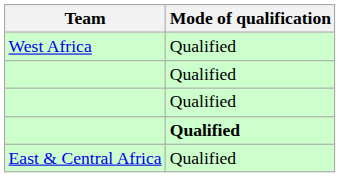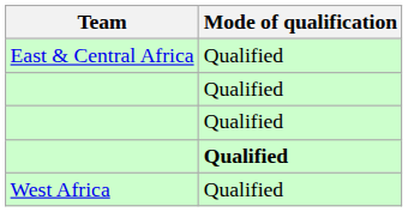 <table class="wikitable">
 <tr>
 <th>Team</th>
 <th>Mode of qualification</th>
 </tr>
 <tr style="background:#cfc;">
-<td> <a href='#'>West Africa</a></td>
+<td> <a href='#'>East & Central Africa</a></td>
 <td>Qualified</td>
 </tr>
 <tr style="background:#cfc;">
 <td></td>
 <td>Qualified</td>
 </tr>
 <tr style="background:#cfc;">
 <td></td>
 <td>Qualified</td>
 </tr>
 <tr style="background:#cfc;">
 <td></td>
 <td><strong>Qualified</strong></td>
 </tr>
 <tr style="background:#cfc;">
-<td> <a href='#'>East & Central Africa</a></td>
+<td> <a href='#'>West Africa</a></td>
 <td>Qualified</td>
 </tr>
 </table>
